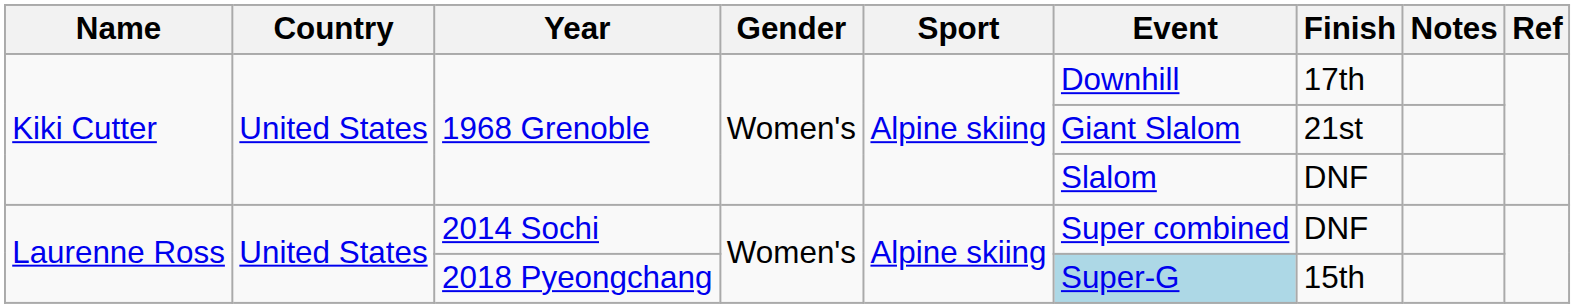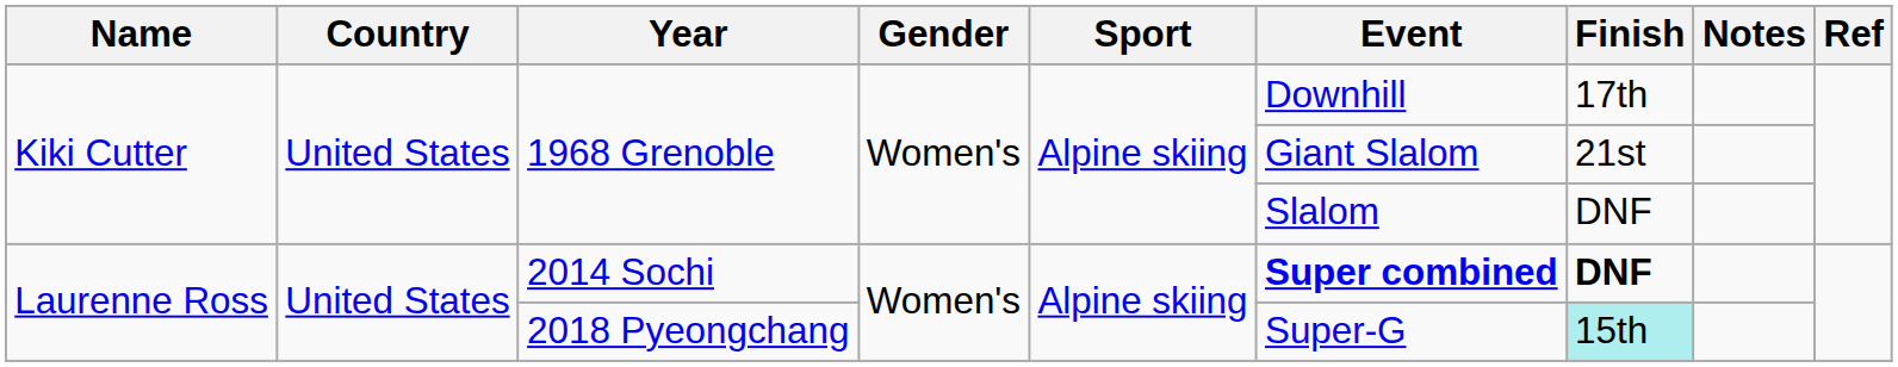 <table class="wikitable sortable" style="text-align: left;">
 <tr>
 <th>Name</th>
 <th>Country</th>
 <th>Year</th>
 <th>Gender</th>
 <th>Sport</th>
 <th>Event</th>
 <th>Finish</th>
 <th>Notes</th>
 <th>Ref</th>
 </tr>
 <tr>
 <td rowspan="3"><a href='#'>Kiki Cutter</a></td>
 <td rowspan="3"> <a href='#'>United States</a></td>
 <td rowspan="3"><a href='#'>1968 Grenoble</a></td>
 <td rowspan="3">Women's</td>
 <td rowspan="3"><a href='#'>Alpine skiing</a></td>
 <td><a href='#'>Downhill</a></td>
 <td>17th</td>
 <td></td>
 <td rowspan="3"></td>
 </tr>
 <tr>
 <td><a href='#'>Giant Slalom</a></td>
 <td>21st</td>
 <td></td>
 </tr>
 <tr>
 <td><a href='#'>Slalom</a></td>
 <td>DNF</td>
 <td></td>
 </tr>
 <tr>
 <td rowspan="2"><a href='#'>Laurenne Ross</a></td>
 <td rowspan="2"> <a href='#'>United States</a></td>
 <td><a href='#'>2014 Sochi</a></td>
 <td rowspan="2">Women's</td>
 <td rowspan="2"><a href='#'>Alpine skiing</a></td>
-<td><a href='#'>Super combined</a></td>
-<td>DNF</td>
+<td><strong><a href='#'>Super combined</a></strong></td>
+<td><strong>DNF</strong></td>
 <td></td>
 <td rowspan="2"></td>
 </tr>
 <tr>
 <td><a href='#'>2018 Pyeongchang</a></td>
-<td style="background: lightblue;"><a href='#'>Super-G</a></td>
-<td>15th</td>
+<td><a href='#'>Super-G</a></td>
+<td style="background: paleturquoise;">15th</td>
 <td></td>
 </tr>
 </table>
